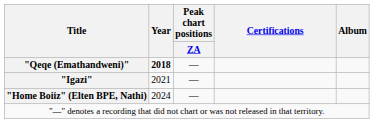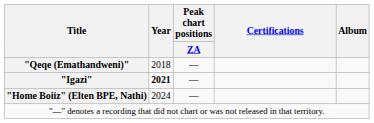 <table class="wikitable plainrowheaders" style="text-align:center;">
 <tr>
 <th scope="col" rowspan="2">Title</th>
 <th scope="col" rowspan="2">Year</th>
 <th scope="col" colspan="1">Peak chart positions</th>
 <th scope="col" rowspan="2" style="width:12em;"><a href='#'>Certifications</a></th>
 <th scope="col" rowspan="2">Album</th>
 </tr>
 <tr>
 <th scope="col" style="width:3em;font-size:100%;"><a href='#'>ZA</a><br></th>
 </tr>
 <tr>
 <th scope="row">"Qeqe (Emathandweni)"</th>
-<td><strong>2018</strong></td>
+<td>2018</td>
 <td>—</td>
 <td></td>
 <td></td>
 </tr>
 <tr>
 <th scope="row">"Igazi"</th>
-<td>2021</td>
+<td><strong>2021</strong></td>
 <td>—</td>
 <td></td>
 <td></td>
 </tr>
 <tr>
 <th scope="row">"Home Boiiz"  (Elten BPE, Nathi)</th>
 <td>2024</td>
 <td>—</td>
 <td></td>
 <td></td>
 </tr>
 <tr>
 <td colspan="8" style="font-size:90%">"—" denotes a recording that did not chart or was not released in that territory.</td>
 </tr>
 </table>
